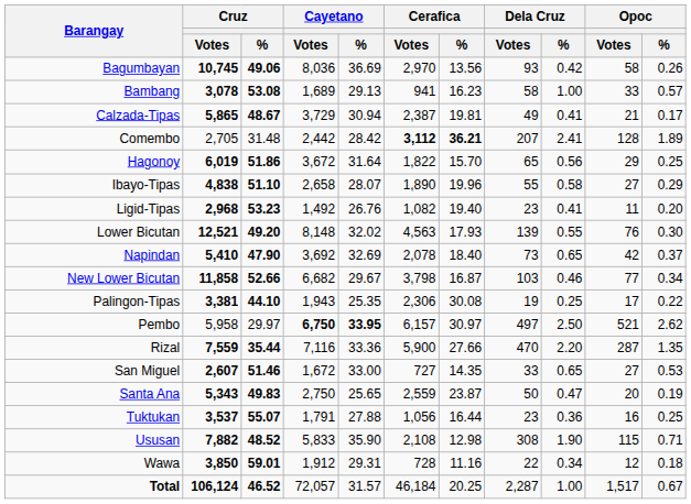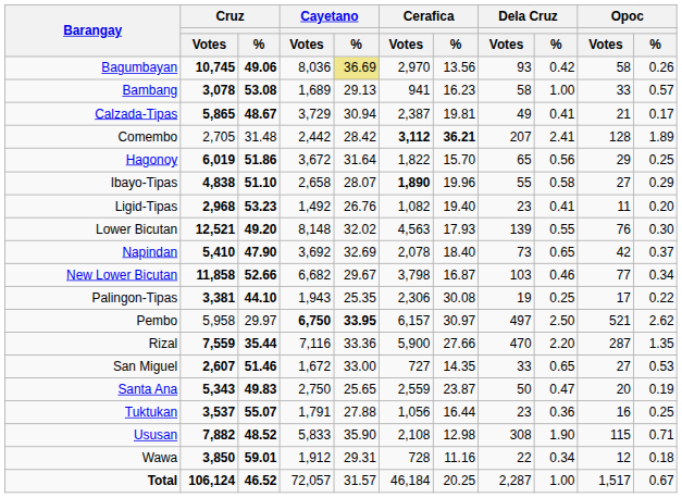 <table class="wikitable collapsible collapsed" style="text-align:right; font-size:95%; line-height:20px;">
 <tr>
 <th rowspan="3" width="200"><a href='#'>Barangay</a></th>
 <th colspan="2" width="110">Cruz</th>
 <th colspan="2" width="110"><a href='#'> Cayetano</a></th>
 <th colspan="2" width="110">Cerafica</th>
 <th colspan="2" width="110">Dela Cruz</th>
 <th colspan="2" width="110">Opoc</th>
 </tr>
 <tr>
 <th colspan="2" style="background:"></th>
 <th colspan="2" style="background:"></th>
 <th colspan="2" style="background:"></th>
 <th colspan="2" style="background:"></th>
 <th colspan="2" style="background:"></th>
 </tr>
 <tr>
 <th>Votes</th>
 <th>%</th>
 <th>Votes</th>
 <th>%</th>
 <th>Votes</th>
 <th>%</th>
 <th>Votes</th>
 <th>%</th>
 <th>Votes</th>
 <th>%</th>
 </tr>
 <tr>
 <td><a href='#'> Bagumbayan</a></td>
 <td style="background:#"><strong>10,745</strong></td>
 <td style="background:#"><strong>49.06</strong></td>
 <td>8,036</td>
-<td>36.69</td>
+<td style="background: khaki;">36.69</td>
 <td>2,970</td>
 <td>13.56</td>
 <td>93</td>
 <td>0.42</td>
 <td>58</td>
 <td>0.26</td>
 </tr>
 <tr>
 <td><a href='#'> Bambang</a></td>
 <td style="background:#"><strong>3,078</strong></td>
 <td style="background:#"><strong>53.08</strong></td>
 <td>1,689</td>
 <td>29.13</td>
 <td>941</td>
 <td>16.23</td>
 <td>58</td>
 <td>1.00</td>
 <td>33</td>
 <td>0.57</td>
 </tr>
 <tr>
 <td><a href='#'> Calzada-Tipas</a></td>
 <td style="background:#"><strong>5,865</strong></td>
 <td style="background:#"><strong>48.67</strong></td>
 <td>3,729</td>
 <td>30.94</td>
 <td>2,387</td>
 <td>19.81</td>
 <td>49</td>
 <td>0.41</td>
 <td>21</td>
 <td>0.17</td>
 </tr>
 <tr>
 <td>Comembo</td>
 <td>2,705</td>
 <td>31.48</td>
 <td>2,442</td>
 <td>28.42</td>
 <td style="background:#"><strong>3,112</strong></td>
 <td style="background:#"><strong>36.21</strong></td>
 <td>207</td>
 <td>2.41</td>
 <td>128</td>
 <td>1.89</td>
 </tr>
 <tr>
 <td><a href='#'> Hagonoy</a></td>
 <td style="background:#"><strong>6,019</strong></td>
 <td style="background:#"><strong>51.86</strong></td>
 <td>3,672</td>
 <td>31.64</td>
 <td>1,822</td>
 <td>15.70</td>
 <td>65</td>
 <td>0.56</td>
 <td>29</td>
 <td>0.25</td>
 </tr>
 <tr>
 <td>Ibayo-Tipas</td>
 <td style="background:#"><strong>4,838</strong></td>
 <td style="background:#"><strong>51.10</strong></td>
 <td>2,658</td>
 <td>28.07</td>
-<td>1,890</td>
+<td><strong>1,890</strong></td>
 <td>19.96</td>
 <td>55</td>
 <td>0.58</td>
 <td>27</td>
 <td>0.29</td>
 </tr>
 <tr>
 <td>Ligid-Tipas</td>
 <td style="background:#"><strong>2,968</strong></td>
 <td style="background:#"><strong>53.23</strong></td>
 <td>1,492</td>
 <td>26.76</td>
 <td>1,082</td>
 <td>19.40</td>
 <td>23</td>
 <td>0.41</td>
 <td>11</td>
 <td>0.20</td>
 </tr>
 <tr>
 <td>Lower Bicutan</td>
 <td style="background:#"><strong>12,521</strong></td>
 <td style="background:#"><strong>49.20</strong></td>
 <td>8,148</td>
 <td>32.02</td>
 <td>4,563</td>
 <td>17.93</td>
 <td>139</td>
 <td>0.55</td>
 <td>76</td>
 <td>0.30</td>
 </tr>
 <tr>
 <td><a href='#'> Napindan</a></td>
 <td style="background:#"><strong>5,410</strong></td>
 <td style="background:#"><strong>47.90</strong></td>
 <td>3,692</td>
 <td>32.69</td>
 <td>2,078</td>
 <td>18.40</td>
 <td>73</td>
 <td>0.65</td>
 <td>42</td>
 <td>0.37</td>
 </tr>
 <tr>
 <td><a href='#'>New Lower Bicutan</a></td>
 <td style="background:#"><strong>11,858</strong></td>
 <td style="background:#"><strong>52.66</strong></td>
 <td>6,682</td>
 <td>29.67</td>
 <td>3,798</td>
 <td>16.87</td>
 <td>103</td>
 <td>0.46</td>
 <td>77</td>
 <td>0.34</td>
 </tr>
 <tr>
 <td>Palingon-Tipas</td>
 <td style="background:#"><strong>3,381</strong></td>
 <td style="background:#"><strong>44.10</strong></td>
 <td>1,943</td>
 <td>25.35</td>
 <td>2,306</td>
 <td>30.08</td>
 <td>19</td>
 <td>0.25</td>
 <td>17</td>
 <td>0.22</td>
 </tr>
 <tr>
 <td>Pembo</td>
 <td>5,958</td>
 <td>29.97</td>
 <td style="background:#"><strong>6,750</strong></td>
 <td style="background:#"><strong>33.95</strong></td>
 <td>6,157</td>
 <td>30.97</td>
 <td>497</td>
 <td>2.50</td>
 <td>521</td>
 <td>2.62</td>
 </tr>
 <tr>
 <td>Rizal</td>
 <td style="background:#"><strong>7,559</strong></td>
 <td style="background:#"><strong>35.44</strong></td>
 <td>7,116</td>
 <td>33.36</td>
 <td>5,900</td>
 <td>27.66</td>
 <td>470</td>
 <td>2.20</td>
 <td>287</td>
 <td>1.35</td>
 </tr>
 <tr>
 <td>San Miguel</td>
 <td style="background:#"><strong>2,607</strong></td>
 <td style="background:#"><strong>51.46</strong></td>
 <td>1,672</td>
 <td>33.00</td>
 <td>727</td>
 <td>14.35</td>
 <td>33</td>
 <td>0.65</td>
 <td>27</td>
 <td>0.53</td>
 </tr>
 <tr>
 <td><a href='#'> Santa Ana</a></td>
 <td style="background:#"><strong>5,343</strong></td>
 <td style="background:#"><strong>49.83</strong></td>
 <td>2,750</td>
 <td>25.65</td>
 <td>2,559</td>
 <td>23.87</td>
 <td>50</td>
 <td>0.47</td>
 <td>20</td>
 <td>0.19</td>
 </tr>
 <tr>
 <td><a href='#'> Tuktukan</a></td>
 <td style="background:#"><strong>3,537</strong></td>
 <td style="background:#"><strong>55.07</strong></td>
 <td>1,791</td>
 <td>27.88</td>
 <td>1,056</td>
 <td>16.44</td>
 <td>23</td>
 <td>0.36</td>
 <td>16</td>
 <td>0.25</td>
 </tr>
 <tr>
 <td><a href='#'> Ususan</a></td>
 <td style="background:#"><strong>7,882</strong></td>
 <td style="background:#"><strong>48.52</strong></td>
 <td>5,833</td>
 <td>35.90</td>
 <td>2,108</td>
 <td>12.98</td>
 <td>308</td>
 <td>1.90</td>
 <td>115</td>
 <td>0.71</td>
 </tr>
 <tr>
 <td>Wawa</td>
 <td style="background:#"><strong>3,850</strong></td>
 <td style="background:#"><strong>59.01</strong></td>
 <td>1,912</td>
 <td>29.31</td>
 <td>728</td>
 <td>11.16</td>
 <td>22</td>
 <td>0.34</td>
 <td>12</td>
 <td>0.18</td>
 </tr>
 <tr>
 <td><strong>Total</strong></td>
 <td style="background:#"><strong>106,124</strong></td>
 <td style="background:#"><strong>46.52</strong></td>
 <td>72,057</td>
 <td>31.57</td>
 <td>46,184</td>
 <td>20.25</td>
 <td>2,287</td>
 <td>1.00</td>
 <td>1,517</td>
 <td>0.67</td>
 </tr>
 </table>
